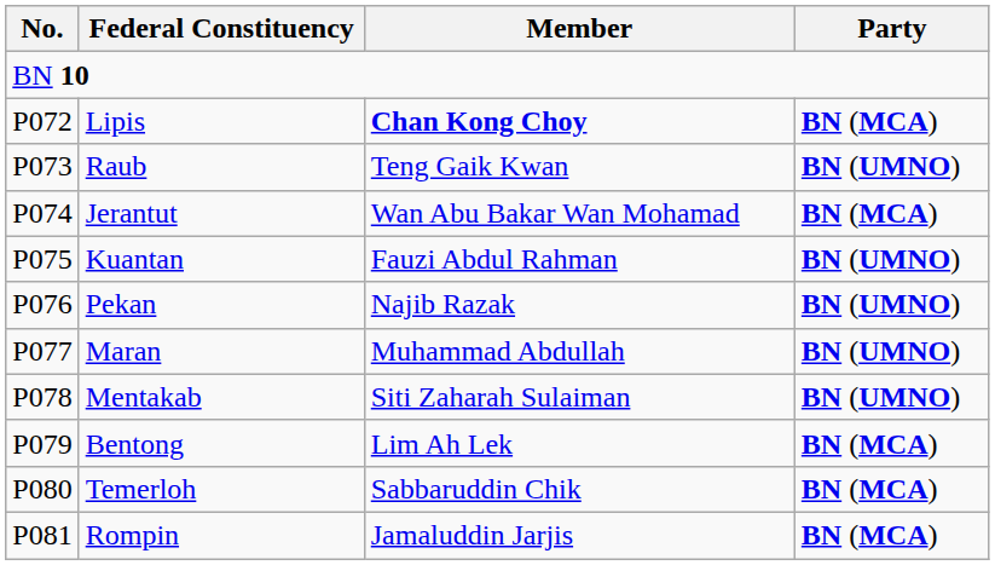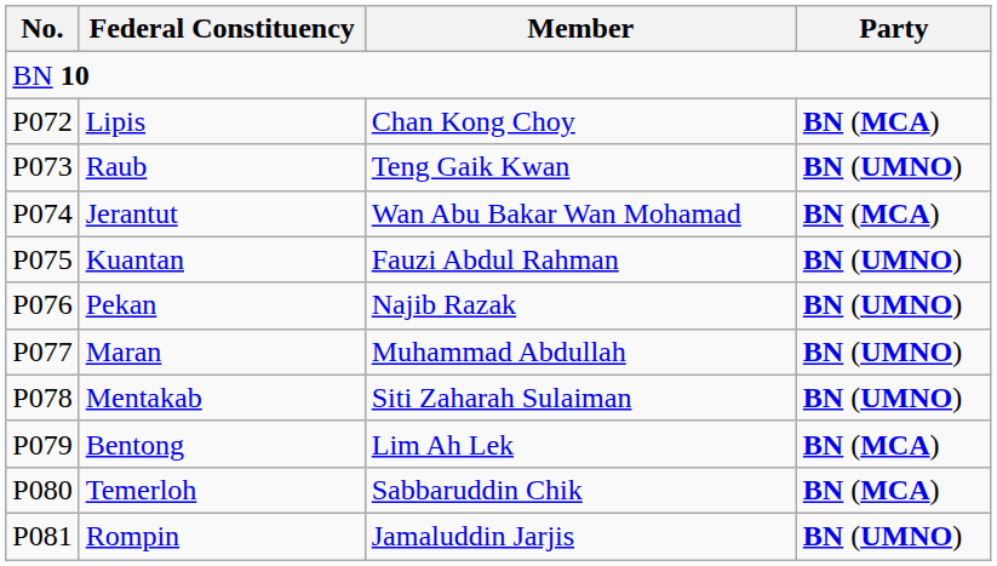 <table class="wikitable sortable">
 <tr>
 <th style="width:30px;">No.</th>
 <th style="width:150px;">Federal Constituency</th>
 <th style="width:230px;">Member</th>
 <th style="width:100px;">Party</th>
 </tr>
 <tr>
 <td colspan="4"><a href='#'>BN</a> <strong>10</strong></td>
 </tr>
 <tr>
 <td>P072</td>
 <td><a href='#'>Lipis</a></td>
-<td><strong><a href='#'>Chan Kong Choy</a></strong></td>
+<td><a href='#'>Chan Kong Choy</a></td>
 <td><strong><a href='#'>BN</a></strong> (<strong><a href='#'>MCA</a></strong>)</td>
 </tr>
 <tr>
 <td>P073</td>
 <td><a href='#'>Raub</a></td>
 <td><a href='#'>Teng Gaik Kwan</a></td>
 <td><strong><a href='#'>BN</a></strong> (<strong><a href='#'>UMNO</a></strong>)</td>
 </tr>
 <tr>
 <td>P074</td>
 <td><a href='#'>Jerantut</a></td>
 <td><a href='#'>Wan Abu Bakar Wan Mohamad</a></td>
 <td><strong><a href='#'>BN</a></strong> (<strong><a href='#'>MCA</a></strong>)</td>
 </tr>
 <tr>
 <td>P075</td>
 <td><a href='#'>Kuantan</a></td>
 <td><a href='#'>Fauzi Abdul Rahman</a></td>
 <td><strong><a href='#'>BN</a></strong> (<strong><a href='#'>UMNO</a></strong>)</td>
 </tr>
 <tr>
 <td>P076</td>
 <td><a href='#'>Pekan</a></td>
 <td><a href='#'>Najib Razak</a></td>
 <td><strong><a href='#'>BN</a></strong> (<strong><a href='#'>UMNO</a></strong>)</td>
 </tr>
 <tr>
 <td>P077</td>
 <td><a href='#'>Maran</a></td>
 <td><a href='#'>Muhammad Abdullah</a></td>
 <td><strong><a href='#'>BN</a></strong> (<strong><a href='#'>UMNO</a></strong>)</td>
 </tr>
 <tr>
 <td>P078</td>
 <td><a href='#'>Mentakab</a></td>
 <td><a href='#'>Siti Zaharah Sulaiman</a></td>
 <td><strong><a href='#'>BN</a></strong> (<strong><a href='#'>UMNO</a></strong>)</td>
 </tr>
 <tr>
 <td>P079</td>
 <td><a href='#'>Bentong</a></td>
 <td><a href='#'>Lim Ah Lek</a></td>
 <td><strong><a href='#'>BN</a></strong> (<strong><a href='#'>MCA</a></strong>)</td>
 </tr>
 <tr>
 <td>P080</td>
 <td><a href='#'>Temerloh</a></td>
 <td><a href='#'>Sabbaruddin Chik</a></td>
 <td><strong><a href='#'>BN</a></strong> (<strong><a href='#'>MCA</a></strong>)</td>
 </tr>
 <tr>
 <td>P081</td>
 <td><a href='#'>Rompin</a></td>
 <td><a href='#'>Jamaluddin Jarjis</a></td>
-<td><strong><a href='#'>BN</a></strong> (<strong><a href='#'>MCA</a></strong>)</td>
+<td><strong><a href='#'>BN</a></strong> (<strong><a href='#'>UMNO</a></strong>)</td>
 </tr>
 </table>
